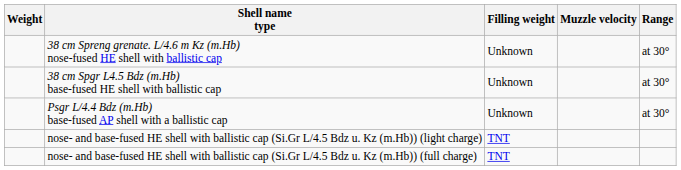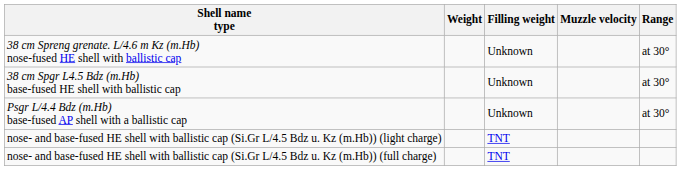 <table class="wikitable" border="1">
 <tr>
+<th>Shell name<br>type</th>
 <th>Weight</th>
-<th>Shell name<br>type</th>
 <th>Filling weight</th>
 <th>Muzzle velocity</th>
 <th>Range</th>
 </tr>
 <tr>
+<td><em>38 cm Spreng grenate. L/4.6 m Kz (m.Hb)</em> <br>nose-fused <a href='#'>HE</a> shell with <a href='#'>ballistic cap</a></td>
 <td></td>
-<td><em>38 cm Spreng grenate. L/4.6 m Kz (m.Hb)</em> <br>nose-fused <a href='#'>HE</a> shell with <a href='#'>ballistic cap</a></td>
 <td>Unknown</td>
 <td></td>
 <td> at 30°</td>
 </tr>
 <tr>
+<td><em>38 cm Spgr L4.5 Bdz (m.Hb)</em>  <br>base-fused HE shell with ballistic cap</td>
 <td></td>
-<td><em>38 cm Spgr L4.5 Bdz (m.Hb)</em>  <br>base-fused HE shell with ballistic cap</td>
 <td>Unknown</td>
 <td></td>
 <td> at 30°</td>
 </tr>
 <tr>
+<td><em>Psgr L/4.4 Bdz (m.Hb)</em> <br>base-fused <a href='#'>AP</a> shell with a ballistic cap</td>
 <td></td>
-<td><em>Psgr L/4.4 Bdz (m.Hb)</em> <br>base-fused <a href='#'>AP</a> shell with a ballistic cap</td>
 <td>Unknown</td>
 <td></td>
 <td> at 30°</td>
 </tr>
 <tr>
+<td>nose- and base-fused HE shell with ballistic cap (Si.Gr L/4.5 Bdz u. Kz (m.Hb)) (light charge)</td>
 <td></td>
-<td>nose- and base-fused HE shell with ballistic cap (Si.Gr L/4.5 Bdz u. Kz (m.Hb)) (light charge)</td>
 <td> <a href='#'>TNT</a></td>
 <td></td>
 <td></td>
 </tr>
 <tr>
+<td>nose- and base-fused HE shell with ballistic cap (Si.Gr L/4.5 Bdz u. Kz (m.Hb)) (full charge)</td>
 <td></td>
-<td>nose- and base-fused HE shell with ballistic cap (Si.Gr L/4.5 Bdz u. Kz (m.Hb)) (full charge)</td>
 <td> <a href='#'>TNT</a></td>
 <td></td>
 <td></td>
 </tr>
 </table>
